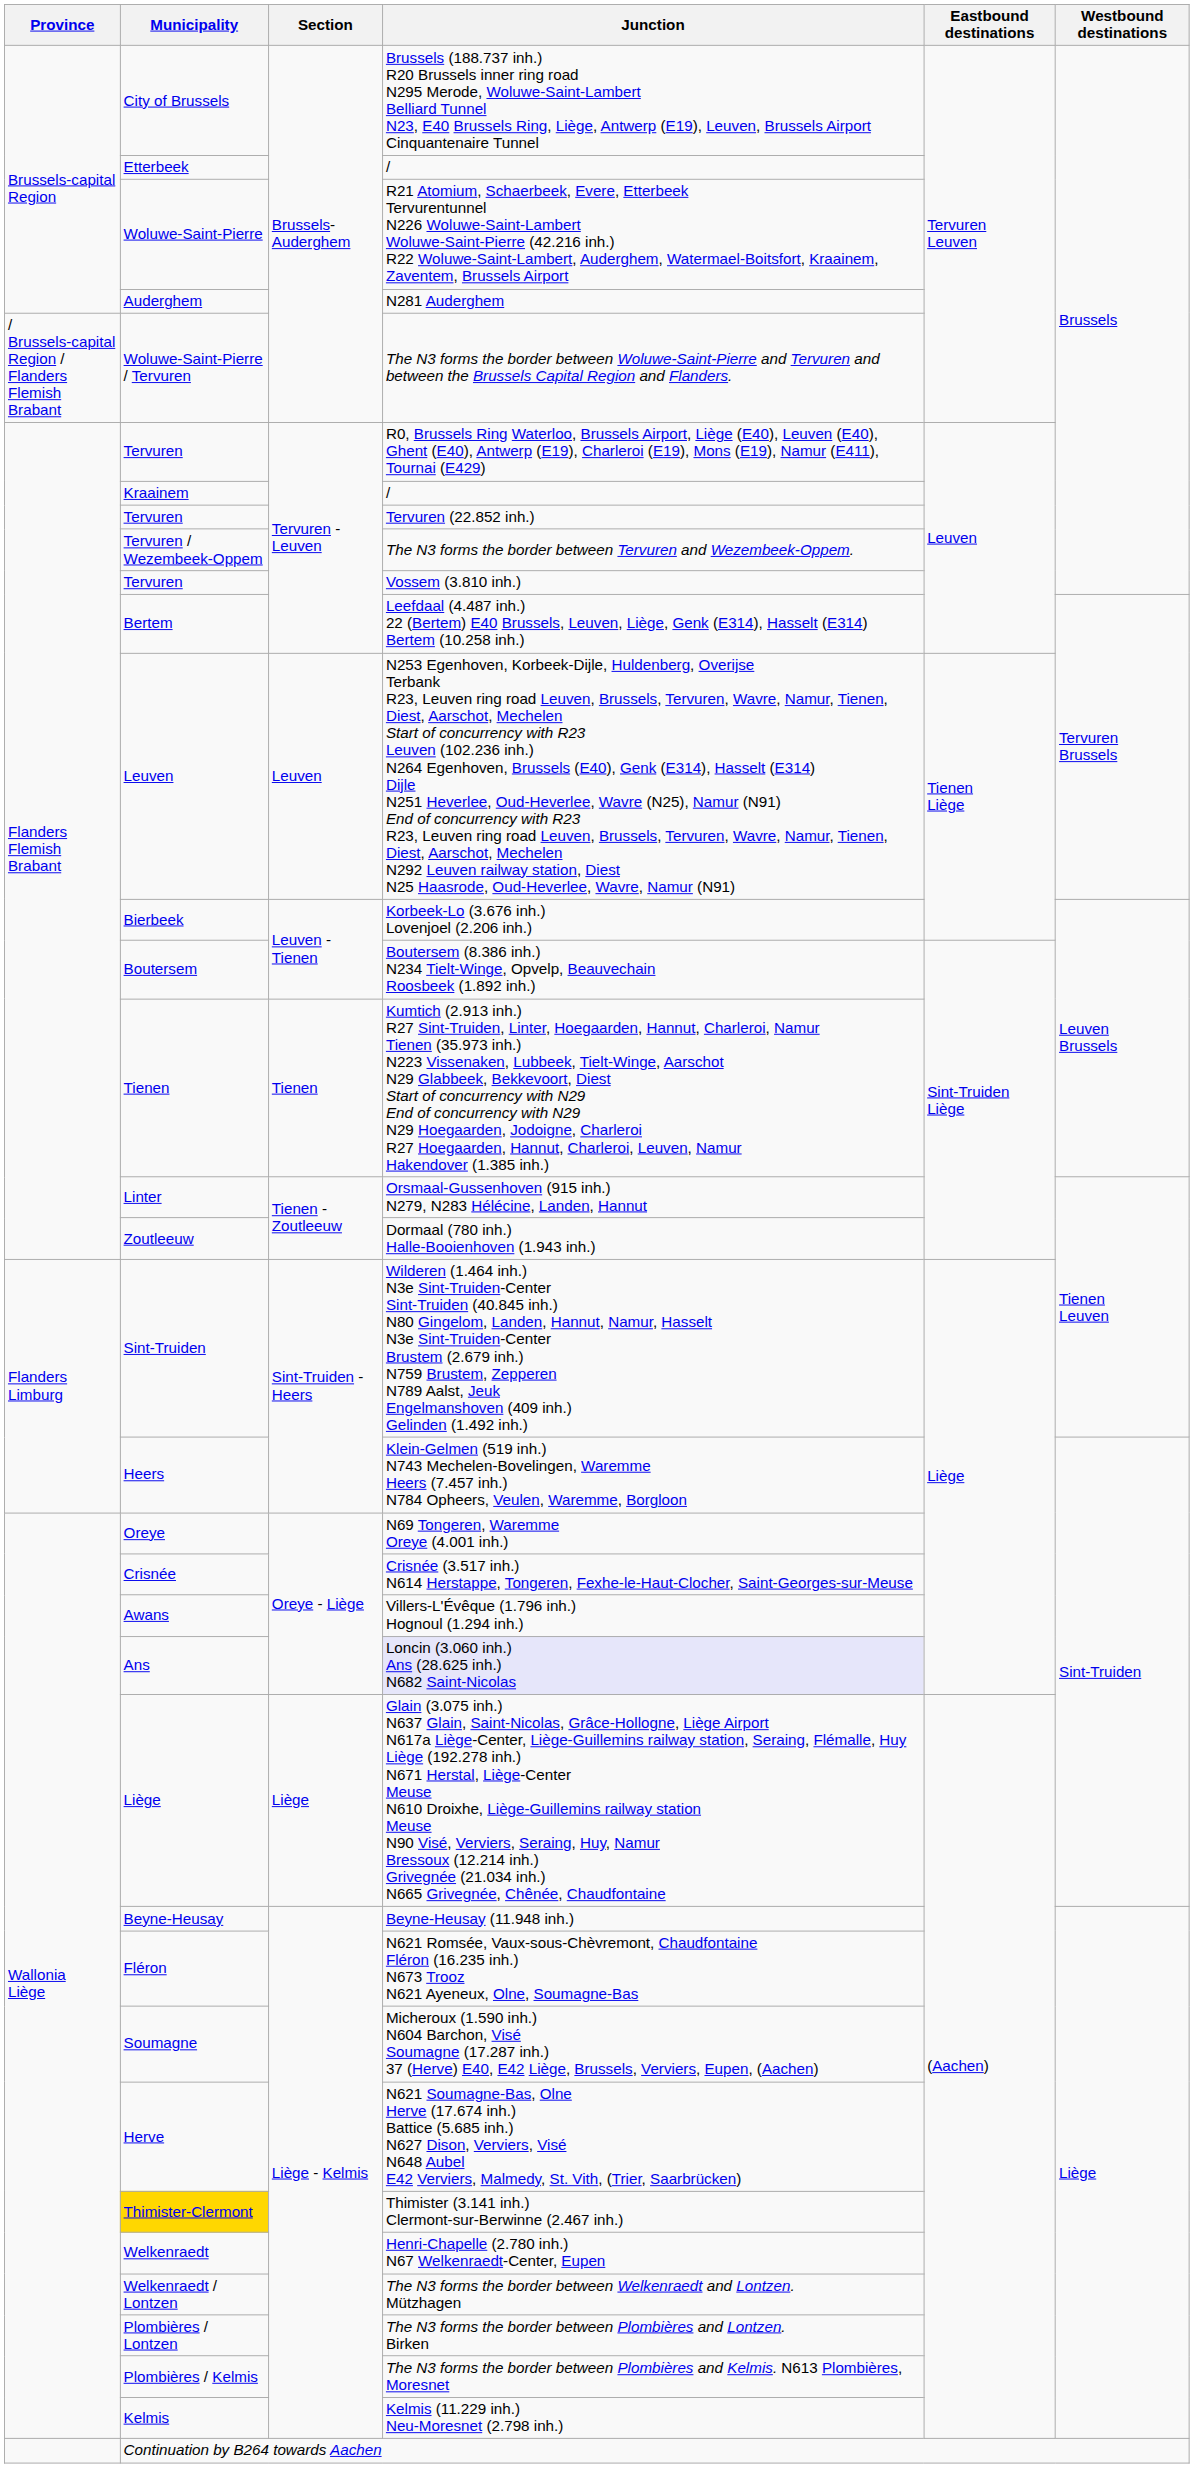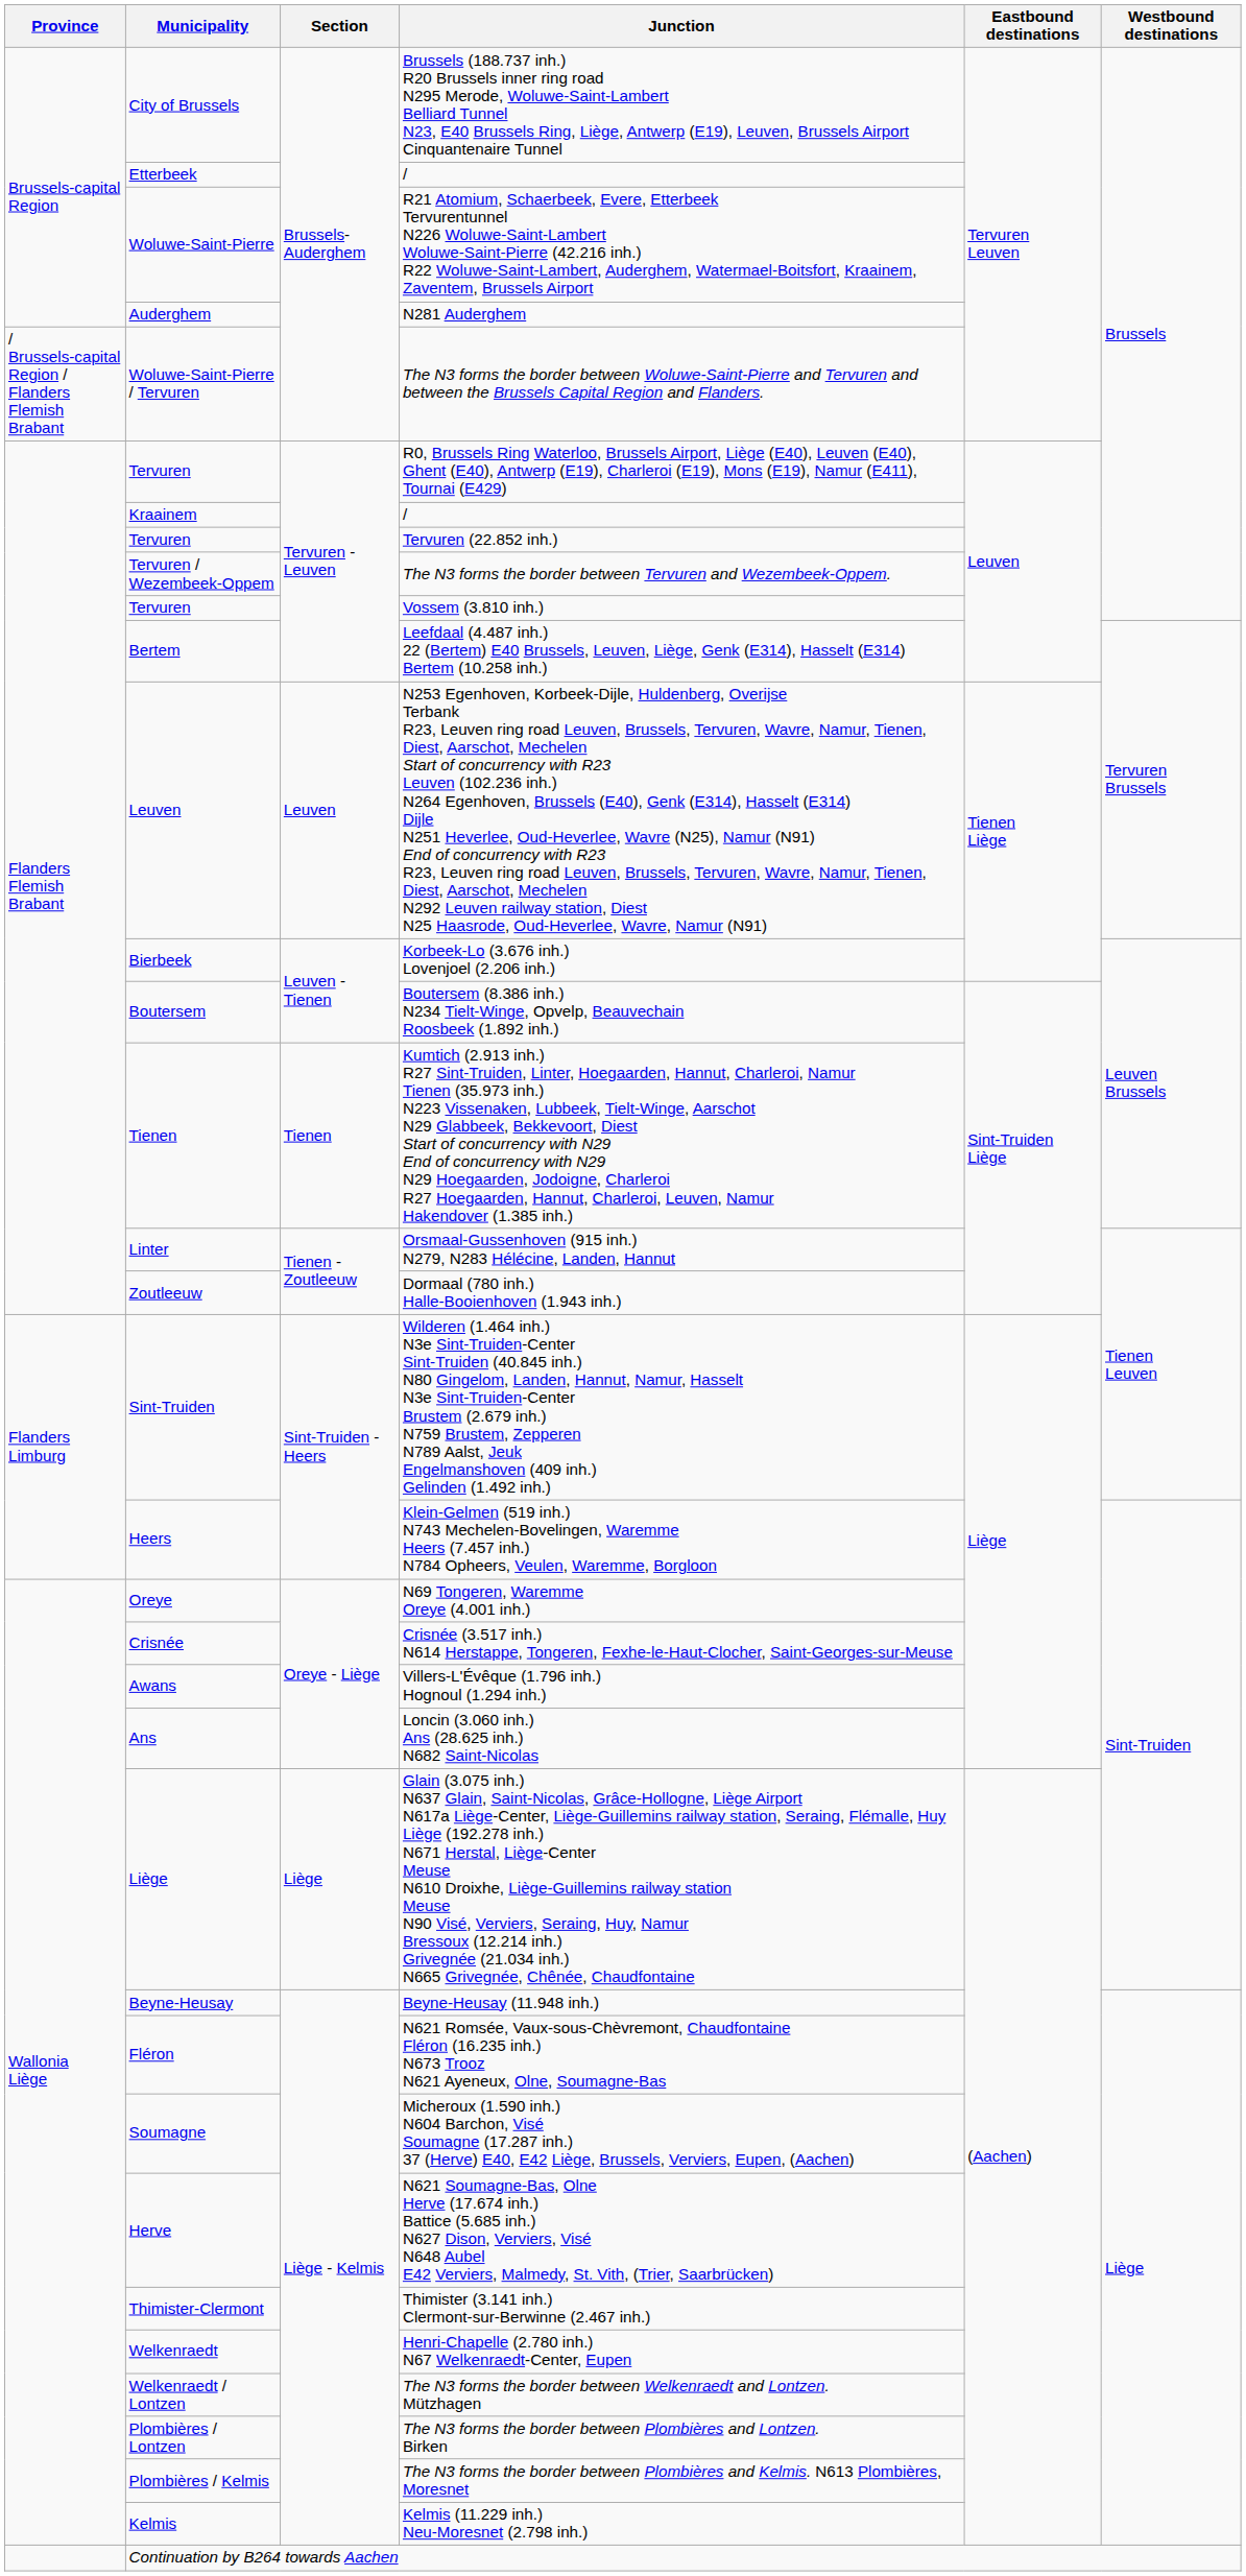 <table class="wikitable">
 <tr>
 <th><a href='#'>Province</a></th>
 <th><a href='#'>Municipality</a></th>
 <th>Section</th>
 <th>Junction</th>
 <th>Eastbound destinations</th>
 <th>Westbound destinations</th>
 </tr>
 <tr>
 <td rowspan="4"><br><a href='#'>Brussels-capital Region</a></td>
 <td><a href='#'>City of Brussels</a></td>
 <td rowspan="5"><a href='#'>Brussels</a>- <a href='#'>Auderghem</a></td>
 <td> <a href='#'>Brussels</a>  (188.737 inh.)<br> R20 Brussels inner ring road<br> N295 Merode, <a href='#'>Woluwe-Saint-Lambert</a><br> <a href='#'>Belliard Tunnel</a><br> <a href='#'>N23</a>, <a href='#'>E40</a> <a href='#'>Brussels Ring</a>, <a href='#'>Liège</a>, <a href='#'>Antwerp</a> (<a href='#'>E19</a>), <a href='#'>Leuven</a>, <a href='#'>Brussels Airport</a><br> Cinquantenaire Tunnel</td>
 <td rowspan="5"><a href='#'>Tervuren</a><br><a href='#'>Leuven</a></td>
 <td rowspan="10"><a href='#'>Brussels</a></td>
 </tr>
 <tr>
 <td><a href='#'>Etterbeek</a></td>
 <td>/</td>
 </tr>
 <tr>
 <td><a href='#'>Woluwe-Saint-Pierre</a></td>
 <td> R21 <a href='#'>Atomium</a>, <a href='#'>Schaerbeek</a>, <a href='#'>Evere</a>, <a href='#'>Etterbeek</a><br> Tervurentunnel<br> N226 <a href='#'>Woluwe-Saint-Lambert</a><br> <a href='#'>Woluwe-Saint-Pierre</a> (42.216 inh.)<br> R22 <a href='#'>Woluwe-Saint-Lambert</a>, <a href='#'>Auderghem</a>, <a href='#'>Watermael-Boitsfort</a>, <a href='#'>Kraainem</a>, <a href='#'>Zaventem</a>, <a href='#'>Brussels Airport</a></td>
 </tr>
 <tr>
 <td><a href='#'>Auderghem</a></td>
 <td> N281 <a href='#'>Auderghem</a></td>
 </tr>
 <tr>
 <td> / <br><a href='#'>Brussels-capital Region</a> /<br><a href='#'>Flanders</a><br><a href='#'>Flemish Brabant</a></td>
 <td><a href='#'>Woluwe-Saint-Pierre</a> / <a href='#'>Tervuren</a></td>
 <td><em>The N3 forms the border between <a href='#'>Woluwe-Saint-Pierre</a> and <a href='#'>Tervuren</a> and between the <a href='#'>Brussels Capital Region</a> and <a href='#'>Flanders</a>.</em></td>
 </tr>
 <tr>
 <td rowspan="12"><br><a href='#'>Flanders</a><br><a href='#'>Flemish Brabant</a></td>
 <td><a href='#'>Tervuren</a></td>
 <td rowspan="6"><a href='#'>Tervuren</a> - <a href='#'>Leuven</a></td>
 <td> R0, <a href='#'>Brussels Ring</a> <a href='#'>Waterloo</a>, <a href='#'>Brussels Airport</a>, <a href='#'>Liège</a> (<a href='#'>E40</a>), <a href='#'>Leuven</a> (<a href='#'>E40</a>), <a href='#'>Ghent</a> (<a href='#'>E40</a>), <a href='#'>Antwerp</a> (<a href='#'>E19</a>), <a href='#'>Charleroi</a> (<a href='#'>E19</a>), <a href='#'>Mons</a> (<a href='#'>E19</a>), <a href='#'>Namur</a> (<a href='#'>E411</a>), <a href='#'>Tournai</a> (<a href='#'>E429</a>)</td>
 <td rowspan="6"><a href='#'>Leuven</a></td>
 </tr>
 <tr>
 <td><a href='#'>Kraainem</a></td>
 <td>/</td>
 </tr>
 <tr>
 <td><a href='#'>Tervuren</a></td>
 <td> <a href='#'>Tervuren</a> (22.852 inh.)</td>
 </tr>
 <tr>
 <td><a href='#'>Tervuren</a> / <a href='#'>Wezembeek-Oppem</a></td>
 <td><em>The N3 forms the border between <a href='#'>Tervuren</a> and <a href='#'>Wezembeek-Oppem</a>.</em></td>
 </tr>
 <tr>
 <td><a href='#'>Tervuren</a></td>
 <td> <a href='#'>Vossem</a> (3.810 inh.)</td>
 </tr>
 <tr>
 <td><a href='#'>Bertem</a></td>
 <td> <a href='#'>Leefdaal</a> (4.487 inh.)<br> 22 (<a href='#'>Bertem</a>) <a href='#'>E40</a> <a href='#'>Brussels</a>, <a href='#'>Leuven</a>, <a href='#'>Liège</a>, <a href='#'>Genk</a> (<a href='#'>E314</a>), <a href='#'>Hasselt</a> (<a href='#'>E314</a>)<br> <a href='#'>Bertem</a> (10.258 inh.)</td>
 <td rowspan="2"><a href='#'>Tervuren</a><br><a href='#'>Brussels</a></td>
 </tr>
 <tr>
 <td><a href='#'>Leuven</a></td>
 <td><a href='#'>Leuven</a></td>
 <td> N253 Egenhoven, Korbeek-Dijle, <a href='#'>Huldenberg</a>, <a href='#'>Overijse</a><br> Terbank<br> R23, Leuven ring road <a href='#'>Leuven</a>, <a href='#'>Brussels</a>, <a href='#'>Tervuren</a>, <a href='#'>Wavre</a>, <a href='#'>Namur</a>, <a href='#'>Tienen</a>, <a href='#'>Diest</a>, <a href='#'>Aarschot</a>, <a href='#'>Mechelen</a><br><em>Start of concurrency with R23</em><br> <a href='#'>Leuven</a> (102.236 inh.)<br> N264 Egenhoven, <a href='#'>Brussels</a> (<a href='#'>E40</a>), <a href='#'>Genk</a> (<a href='#'>E314</a>), <a href='#'>Hasselt</a> (<a href='#'>E314</a>)<br> <a href='#'>Dijle</a><br> N251 <a href='#'>Heverlee</a>, <a href='#'>Oud-Heverlee</a>, <a href='#'>Wavre</a> (N25), <a href='#'>Namur</a> (N91)<br><em>End of concurrency with R23</em><br> R23, Leuven ring road <a href='#'>Leuven</a>, <a href='#'>Brussels</a>, <a href='#'>Tervuren</a>, <a href='#'>Wavre</a>, <a href='#'>Namur</a>, <a href='#'>Tienen</a>, <a href='#'>Diest</a>, <a href='#'>Aarschot</a>, <a href='#'>Mechelen</a><br> N292 <a href='#'>Leuven railway station</a>, <a href='#'>Diest</a><br> N25 <a href='#'>Haasrode</a>, <a href='#'>Oud-Heverlee</a>, <a href='#'>Wavre</a>, <a href='#'>Namur</a> (N91)</td>
 <td rowspan="2"><a href='#'>Tienen</a><br><a href='#'>Liège</a></td>
 </tr>
 <tr>
 <td><a href='#'>Bierbeek</a></td>
 <td rowspan="2"><a href='#'>Leuven</a> - <a href='#'>Tienen</a></td>
 <td> <a href='#'>Korbeek-Lo</a> (3.676 inh.)<br> Lovenjoel (2.206 inh.)</td>
 <td rowspan="3"><a href='#'>Leuven</a><br><a href='#'>Brussels</a></td>
 </tr>
 <tr>
 <td><a href='#'>Boutersem</a></td>
 <td> <a href='#'>Boutersem</a> (8.386 inh.)<br> N234 <a href='#'>Tielt-Winge</a>, Opvelp, <a href='#'>Beauvechain</a><br> <a href='#'>Roosbeek</a> (1.892 inh.)</td>
 <td rowspan="4"><a href='#'>Sint-Truiden</a><br><a href='#'>Liège</a></td>
 </tr>
 <tr>
 <td><a href='#'>Tienen</a></td>
 <td><a href='#'>Tienen</a></td>
 <td> <a href='#'>Kumtich</a> (2.913 inh.)<br> R27 <a href='#'>Sint-Truiden</a>, <a href='#'>Linter</a>, <a href='#'>Hoegaarden</a>, <a href='#'>Hannut</a>, <a href='#'>Charleroi</a>, <a href='#'>Namur</a><br> <a href='#'>Tienen</a> (35.973 inh.)<br> N223 <a href='#'>Vissenaken</a>, <a href='#'>Lubbeek</a>, <a href='#'>Tielt-Winge</a>, <a href='#'>Aarschot</a><br> N29 <a href='#'>Glabbeek</a>, <a href='#'>Bekkevoort</a>, <a href='#'>Diest</a><br><em>Start of concurrency with N29</em><br><em>End of concurrency with N29</em><br> N29 <a href='#'>Hoegaarden</a>, <a href='#'>Jodoigne</a>, <a href='#'>Charleroi</a><br> R27 <a href='#'>Hoegaarden</a>, <a href='#'>Hannut</a>, <a href='#'>Charleroi</a>, <a href='#'>Leuven</a>, <a href='#'>Namur</a><br> <a href='#'>Hakendover</a> (1.385 inh.)</td>
 </tr>
 <tr>
 <td><a href='#'>Linter</a></td>
 <td rowspan="2"><a href='#'>Tienen</a> - <a href='#'>Zoutleeuw</a></td>
 <td> <a href='#'>Orsmaal-Gussenhoven</a> (915 inh.)<br> N279, N283 <a href='#'>Hélécine</a>, <a href='#'>Landen</a>, <a href='#'>Hannut</a></td>
 <td rowspan="3"><a href='#'>Tienen</a><br><a href='#'>Leuven</a></td>
 </tr>
 <tr>
 <td><a href='#'>Zoutleeuw</a></td>
 <td> Dormaal (780 inh.)<br> <a href='#'>Halle-Booienhoven</a> (1.943 inh.)</td>
 </tr>
 <tr>
 <td rowspan="2"><a href='#'>Flanders</a><br><a href='#'>Limburg</a></td>
 <td><a href='#'>Sint-Truiden</a></td>
 <td rowspan="2"><a href='#'>Sint-Truiden</a> - <a href='#'>Heers</a></td>
 <td> <a href='#'>Wilderen</a> (1.464 inh.)<br> N3e <a href='#'>Sint-Truiden</a>-Center<br> <a href='#'>Sint-Truiden</a> (40.845 inh.)<br> N80 <a href='#'>Gingelom</a>, <a href='#'>Landen</a>, <a href='#'>Hannut</a>, <a href='#'>Namur</a>, <a href='#'>Hasselt</a><br> N3e <a href='#'>Sint-Truiden</a>-Center<br> <a href='#'>Brustem</a> (2.679 inh.)<br> N759 <a href='#'>Brustem</a>, <a href='#'>Zepperen</a><br> N789 Aalst, <a href='#'>Jeuk</a><br> <a href='#'>Engelmanshoven</a> (409 inh.)<br> <a href='#'>Gelinden</a> (1.492 inh.)</td>
 <td rowspan="6"><a href='#'>Liège</a></td>
 </tr>
 <tr>
 <td><a href='#'>Heers</a></td>
 <td> <a href='#'>Klein-Gelmen</a> (519 inh.)<br> N743 Mechelen-Bovelingen, <a href='#'>Waremme</a><br> <a href='#'>Heers</a> (7.457 inh.)<br> N784 Opheers, <a href='#'>Veulen</a>, <a href='#'>Waremme</a>, <a href='#'>Borgloon</a></td>
 <td rowspan="6"><a href='#'>Sint-Truiden</a></td>
 </tr>
 <tr>
 <td rowspan="15"><br><a href='#'>Wallonia</a><br><a href='#'>Liège</a></td>
 <td><a href='#'>Oreye</a></td>
 <td rowspan="4"><a href='#'>Oreye</a> - <a href='#'>Liège</a></td>
 <td> N69 <a href='#'>Tongeren</a>, <a href='#'>Waremme</a><br> <a href='#'>Oreye</a> (4.001 inh.)</td>
 </tr>
 <tr>
 <td><a href='#'>Crisnée</a></td>
 <td> <a href='#'>Crisnée</a> (3.517 inh.)<br> N614 <a href='#'>Herstappe</a>, <a href='#'>Tongeren</a>, <a href='#'>Fexhe-le-Haut-Clocher</a>, <a href='#'>Saint-Georges-sur-Meuse</a></td>
 </tr>
 <tr>
 <td><a href='#'>Awans</a></td>
 <td> Villers-L'Évêque (1.796 inh.)<br> Hognoul (1.294 inh.)</td>
 </tr>
 <tr>
 <td><a href='#'>Ans</a></td>
-<td style="background: lavender;"> Loncin (3.060 inh.)<br> <a href='#'>Ans</a> (28.625 inh.)<br> N682 <a href='#'>Saint-Nicolas</a></td>
+<td> Loncin (3.060 inh.)<br> <a href='#'>Ans</a> (28.625 inh.)<br> N682 <a href='#'>Saint-Nicolas</a></td>
 </tr>
 <tr>
 <td><a href='#'>Liège</a></td>
 <td><a href='#'>Liège</a></td>
 <td> <a href='#'>Glain</a> (3.075 inh.)<br> N637 <a href='#'>Glain</a>, <a href='#'>Saint-Nicolas</a>, <a href='#'>Grâce-Hollogne</a>, <a href='#'>Liège Airport</a><br> N617a <a href='#'>Liège</a>-Center, <a href='#'>Liège-Guillemins railway station</a>, <a href='#'>Seraing</a>, <a href='#'>Flémalle</a>, <a href='#'>Huy</a><br> <a href='#'>Liège</a> (192.278 inh.)<br> N671 <a href='#'>Herstal</a>, <a href='#'>Liège</a>-Center<br> <a href='#'>Meuse</a><br> N610 Droixhe, <a href='#'>Liège-Guillemins railway station</a><br> <a href='#'>Meuse</a><br> N90 <a href='#'>Visé</a>, <a href='#'>Verviers</a>, <a href='#'>Seraing</a>, <a href='#'>Huy</a>, <a href='#'>Namur</a><br> <a href='#'>Bressoux</a> (12.214 inh.)<br> <a href='#'>Grivegnée</a> (21.034 inh.)<br> N665 <a href='#'>Grivegnée</a>, <a href='#'>Chênée</a>, <a href='#'>Chaudfontaine</a></td>
 <td rowspan="11"> (<a href='#'>Aachen</a>)</td>
 </tr>
 <tr>
 <td><a href='#'>Beyne-Heusay</a></td>
 <td rowspan="10"><a href='#'>Liège</a> - <a href='#'>Kelmis</a></td>
 <td> <a href='#'>Beyne-Heusay</a> (11.948 inh.)</td>
 <td rowspan="10"><a href='#'>Liège</a></td>
 </tr>
 <tr>
 <td><a href='#'>Fléron</a></td>
 <td> N621 Romsée, Vaux-sous-Chèvremont, <a href='#'>Chaudfontaine</a><br> <a href='#'>Fléron</a> (16.235 inh.)<br> N673 <a href='#'>Trooz</a><br> N621 Ayeneux, <a href='#'>Olne</a>, <a href='#'>Soumagne-Bas</a></td>
 </tr>
 <tr>
 <td><a href='#'>Soumagne</a></td>
 <td> Micheroux (1.590 inh.)<br> N604 Barchon, <a href='#'>Visé</a><br> <a href='#'>Soumagne</a> (17.287 inh.)<br> 37 (<a href='#'>Herve</a>) <a href='#'>E40</a>, <a href='#'>E42</a> <a href='#'>Liège</a>, <a href='#'>Brussels</a>, <a href='#'>Verviers</a>, <a href='#'>Eupen</a>,  (<a href='#'>Aachen</a>)</td>
 </tr>
 <tr>
 <td><a href='#'>Herve</a></td>
 <td> N621 <a href='#'>Soumagne-Bas</a>, <a href='#'>Olne</a><br> <a href='#'>Herve</a> (17.674 inh.)<br> Battice (5.685 inh.)<br> N627 <a href='#'>Dison</a>, <a href='#'>Verviers</a>, <a href='#'>Visé</a><br> N648 <a href='#'>Aubel</a><br> <a href='#'>E42</a> <a href='#'>Verviers</a>, <a href='#'>Malmedy</a>, <a href='#'>St. Vith</a>,  (<a href='#'>Trier</a>, <a href='#'>Saarbrücken</a>)</td>
 </tr>
 <tr>
-<td style="background: gold;"><a href='#'>Thimister-Clermont</a></td>
+<td><a href='#'>Thimister-Clermont</a></td>
 <td> Thimister (3.141 inh.)<br> Clermont-sur-Berwinne (2.467 inh.)</td>
 </tr>
 <tr>
 <td><a href='#'>Welkenraedt</a></td>
 <td> <a href='#'>Henri-Chapelle</a> (2.780 inh.)<br> N67 <a href='#'>Welkenraedt</a>-Center, <a href='#'>Eupen</a></td>
 </tr>
 <tr>
 <td><a href='#'>Welkenraedt</a> / <a href='#'>Lontzen</a></td>
 <td><em>The N3 forms the border between <a href='#'>Welkenraedt</a> and <a href='#'>Lontzen</a>.</em><br> Mützhagen</td>
 </tr>
 <tr>
 <td><a href='#'>Plombières</a> / <a href='#'>Lontzen</a></td>
 <td><em>The N3 forms the border between <a href='#'>Plombières</a> and <a href='#'>Lontzen</a>.</em><br> Birken</td>
 </tr>
 <tr>
 <td><a href='#'>Plombières</a> / <a href='#'>Kelmis</a></td>
 <td><em>The N3 forms the border between <a href='#'>Plombières</a> and <a href='#'>Kelmis</a>.</em> N613 <a href='#'>Plombières</a>, <a href='#'>Moresnet</a></td>
 </tr>
 <tr>
 <td><a href='#'>Kelmis</a></td>
 <td> <a href='#'>Kelmis</a> (11.229 inh.)<br> <a href='#'>Neu-Moresnet</a> (2.798 inh.)</td>
 </tr>
 <tr>
 <td></td>
 <td colspan="5"><em>Continuation by B264 towards <a href='#'>Aachen</a></em></td>
 </tr>
 </table>
